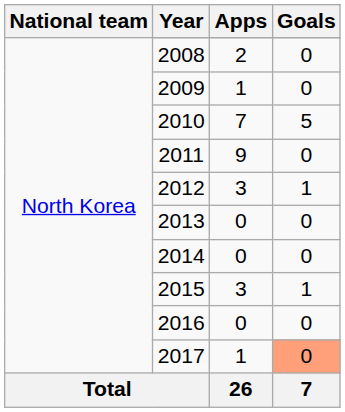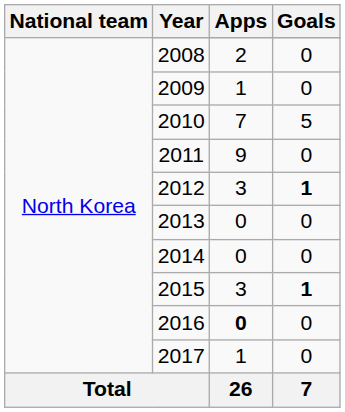 <table class="wikitable" style="text-align:center">
 <tr>
 <th>National team</th>
 <th>Year</th>
 <th>Apps</th>
 <th>Goals</th>
 </tr>
 <tr>
 <td rowspan="11"><a href='#'>North Korea</a></td>
 </tr>
 <tr>
 <td>2008</td>
 <td>2</td>
 <td>0</td>
 </tr>
 <tr>
 <td>2009</td>
 <td>1</td>
 <td>0</td>
 </tr>
 <tr>
 <td>2010</td>
 <td>7</td>
 <td>5</td>
 </tr>
 <tr>
 <td>2011</td>
 <td>9</td>
 <td>0</td>
 </tr>
 <tr>
 <td>2012</td>
 <td>3</td>
-<td>1</td>
+<td><strong>1</strong></td>
 </tr>
 <tr>
 <td>2013</td>
 <td>0</td>
 <td>0</td>
 </tr>
 <tr>
 <td>2014</td>
 <td>0</td>
 <td>0</td>
 </tr>
 <tr>
 <td>2015</td>
 <td>3</td>
-<td>1</td>
+<td><strong>1</strong></td>
 </tr>
 <tr>
 <td>2016</td>
-<td>0</td>
+<td><strong>0</strong></td>
 <td>0</td>
 </tr>
 <tr>
 <td>2017</td>
 <td>1</td>
-<td style="background: lightsalmon;">0</td>
+<td>0</td>
 </tr>
 <tr>
 <th colspan="2">Total</th>
 <th>26</th>
 <th>7</th>
 </tr>
 </table>
